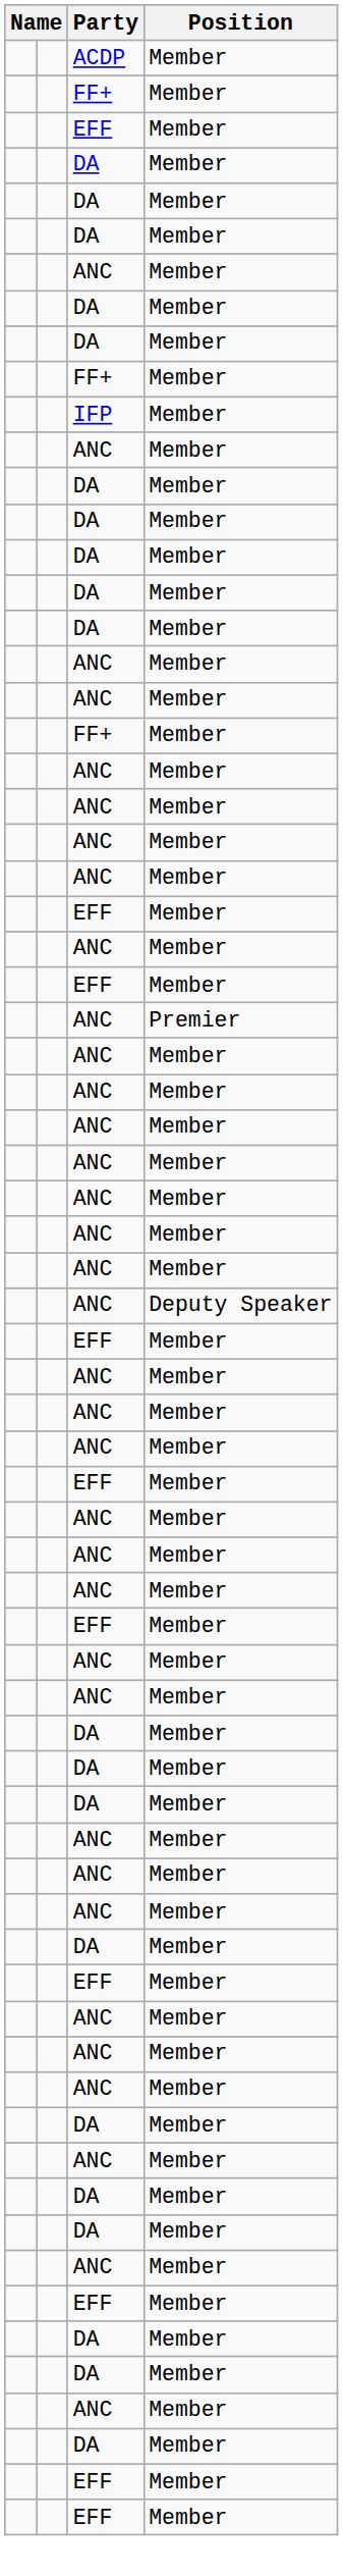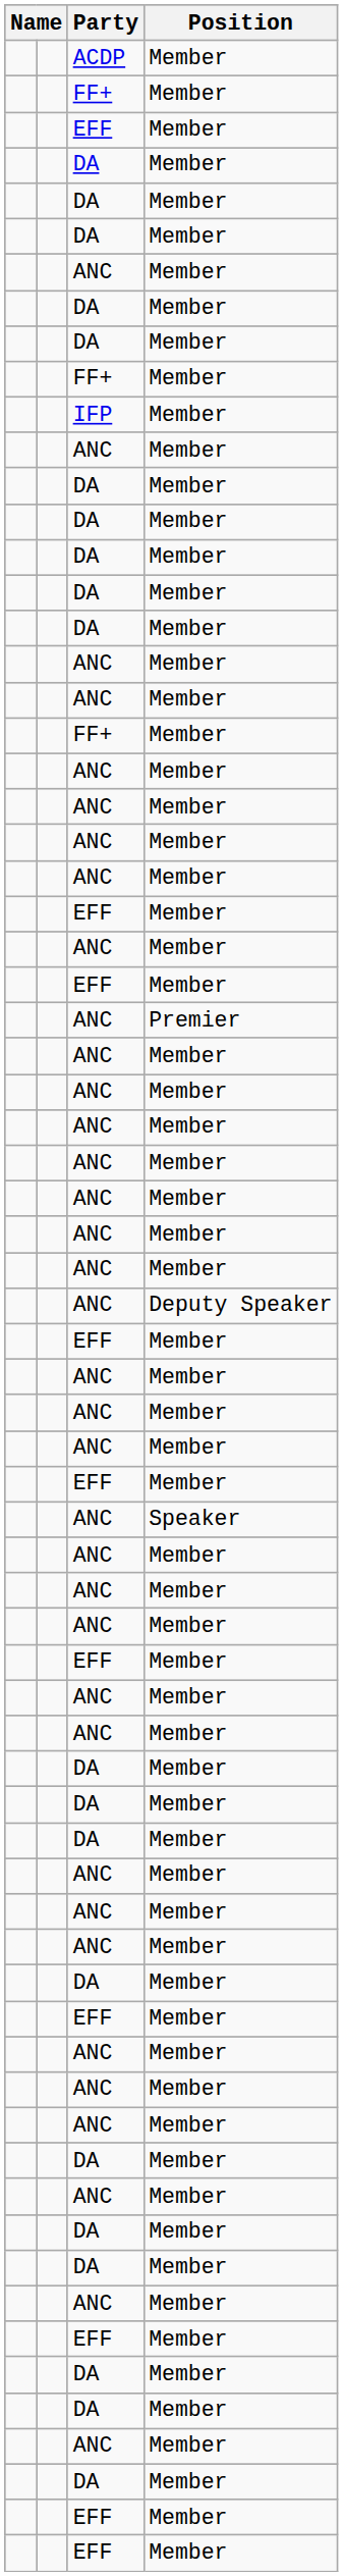 <table class="wikitable sortable">
 <tr>
 <th colspan=2>Name</th>
 <th>Party</th>
 <th>Position</th>
 </tr>
 <tr>
 <td style="background-color: "></td>
 <td></td>
 <td><a href='#'>ACDP</a></td>
 <td>Member</td>
 </tr>
 <tr>
 <td style="background-color: "></td>
 <td></td>
 <td><a href='#'>FF+</a></td>
 <td>Member</td>
 </tr>
 <tr>
 <td style="background-color: "></td>
 <td></td>
 <td><a href='#'>EFF</a></td>
 <td>Member</td>
 </tr>
 <tr>
 <td style="background-color: "></td>
 <td></td>
 <td><a href='#'>DA</a></td>
 <td>Member</td>
 </tr>
 <tr>
 <td style="background-color: "></td>
 <td></td>
 <td>DA</td>
 <td>Member</td>
 </tr>
 <tr>
 <td style="background-color: "></td>
 <td></td>
 <td>DA</td>
 <td>Member</td>
 </tr>
 <tr>
 <td style="background-color: "></td>
 <td></td>
 <td>ANC</td>
 <td>Member</td>
 </tr>
 <tr>
 <td style="background-color: "></td>
 <td></td>
 <td>DA</td>
 <td>Member</td>
 </tr>
 <tr>
 <td style="background-color: "></td>
 <td></td>
 <td>DA</td>
 <td>Member</td>
 </tr>
 <tr>
 <td style="background-color: "></td>
 <td></td>
 <td>FF+</td>
 <td>Member</td>
 </tr>
 <tr>
 <td style="background-color: "></td>
 <td></td>
 <td><a href='#'>IFP</a></td>
 <td>Member</td>
 </tr>
 <tr>
 <td style="background-color: "></td>
 <td></td>
 <td>ANC</td>
 <td>Member</td>
 </tr>
 <tr>
 <td style="background-color: "></td>
 <td></td>
 <td>DA</td>
 <td>Member</td>
 </tr>
 <tr>
 <td style="background-color: "></td>
 <td></td>
 <td>DA</td>
 <td>Member</td>
 </tr>
 <tr>
 <td style="background-color: "></td>
 <td></td>
 <td>DA</td>
 <td>Member</td>
 </tr>
 <tr>
 <td style="background-color: "></td>
 <td></td>
 <td>DA</td>
 <td>Member</td>
 </tr>
 <tr>
 <td style="background-color: "></td>
 <td></td>
 <td>DA</td>
 <td>Member</td>
 </tr>
 <tr>
 <td style="background-color: "></td>
 <td></td>
 <td>ANC</td>
 <td>Member</td>
 </tr>
 <tr>
 <td style="background-color: "></td>
 <td></td>
 <td>ANC</td>
 <td>Member</td>
 </tr>
 <tr>
 <td style="background-color: "></td>
 <td></td>
 <td>FF+</td>
 <td>Member</td>
 </tr>
 <tr>
 <td style="background-color: "></td>
 <td></td>
 <td>ANC</td>
 <td>Member</td>
 </tr>
 <tr>
 <td style="background-color: "></td>
 <td></td>
 <td>ANC</td>
 <td>Member</td>
 </tr>
 <tr>
 <td style="background-color: "></td>
 <td></td>
 <td>ANC</td>
 <td>Member</td>
 </tr>
 <tr>
 <td style="background-color: "></td>
 <td></td>
 <td>ANC</td>
 <td>Member</td>
 </tr>
 <tr>
 <td style="background-color: "></td>
 <td></td>
 <td>EFF</td>
 <td>Member</td>
 </tr>
 <tr>
 <td style="background-color: "></td>
 <td></td>
 <td>ANC</td>
 <td>Member</td>
 </tr>
 <tr>
 <td style="background-color: "></td>
 <td></td>
 <td>EFF</td>
 <td>Member</td>
 </tr>
 <tr>
 <td style="background-color: "></td>
 <td></td>
 <td>ANC</td>
 <td>Premier</td>
 </tr>
 <tr>
 <td style="background-color: "></td>
 <td></td>
 <td>ANC</td>
 <td>Member</td>
 </tr>
 <tr>
 <td style="background-color: "></td>
 <td></td>
 <td>ANC</td>
 <td>Member</td>
 </tr>
 <tr>
 <td style="background-color: "></td>
 <td></td>
 <td>ANC</td>
 <td>Member</td>
 </tr>
 <tr>
 <td style="background-color: "></td>
 <td></td>
 <td>ANC</td>
 <td>Member</td>
 </tr>
 <tr>
 <td style="background-color: "></td>
 <td></td>
 <td>ANC</td>
 <td>Member</td>
 </tr>
 <tr>
 <td style="background-color: "></td>
 <td></td>
 <td>ANC</td>
 <td>Member</td>
 </tr>
 <tr>
 <td style="background-color: "></td>
 <td></td>
 <td>ANC</td>
 <td>Member</td>
 </tr>
 <tr>
 <td style="background-color: "></td>
 <td></td>
 <td>ANC</td>
 <td>Deputy Speaker</td>
 </tr>
 <tr>
 <td style="background-color: "></td>
 <td></td>
 <td>EFF</td>
 <td>Member</td>
 </tr>
 <tr>
 <td style="background-color: "></td>
 <td></td>
 <td>ANC</td>
 <td>Member</td>
 </tr>
 <tr>
 <td style="background-color: "></td>
 <td></td>
 <td>ANC</td>
 <td>Member</td>
 </tr>
 <tr>
 <td style="background-color: "></td>
 <td></td>
 <td>ANC</td>
 <td>Member</td>
 </tr>
 <tr>
 <td style="background-color: "></td>
 <td></td>
 <td>EFF</td>
 <td>Member</td>
 </tr>
 <tr>
 <td style="background-color: "></td>
 <td></td>
 <td>ANC</td>
+<td>Speaker</td>
+</tr>
+<tr>
+<td style="background-color: "></td>
+<td></td>
+<td>ANC</td>
 <td>Member</td>
 </tr>
 <tr>
 <td style="background-color: "></td>
 <td></td>
 <td>ANC</td>
 <td>Member</td>
 </tr>
 <tr>
 <td style="background-color: "></td>
 <td></td>
 <td>ANC</td>
 <td>Member</td>
 </tr>
 <tr>
 <td style="background-color: "></td>
 <td></td>
 <td>EFF</td>
 <td>Member</td>
 </tr>
 <tr>
 <td style="background-color: "></td>
 <td></td>
 <td>ANC</td>
 <td>Member</td>
 </tr>
 <tr>
 <td style="background-color: "></td>
 <td></td>
 <td>ANC</td>
 <td>Member</td>
 </tr>
 <tr>
 <td style="background-color: "></td>
 <td></td>
 <td>DA</td>
 <td>Member</td>
 </tr>
 <tr>
 <td style="background-color: "></td>
 <td></td>
 <td>DA</td>
 <td>Member</td>
 </tr>
 <tr>
 <td style="background-color: "></td>
 <td></td>
 <td>DA</td>
 <td>Member</td>
 </tr>
 <tr>
 <td style="background-color: "></td>
 <td></td>
 <td>ANC</td>
 <td>Member</td>
 </tr>
 <tr>
 <td style="background-color: "></td>
 <td></td>
 <td>ANC</td>
 <td>Member</td>
 </tr>
 <tr>
 <td style="background-color: "></td>
 <td></td>
 <td>ANC</td>
 <td>Member</td>
 </tr>
 <tr>
 <td style="background-color: "></td>
 <td></td>
 <td>DA</td>
 <td>Member</td>
 </tr>
 <tr>
 <td style="background-color: "></td>
 <td></td>
 <td>EFF</td>
 <td>Member</td>
 </tr>
 <tr>
 <td style="background-color: "></td>
 <td></td>
 <td>ANC</td>
 <td>Member</td>
 </tr>
 <tr>
 <td style="background-color: "></td>
 <td></td>
 <td>ANC</td>
 <td>Member</td>
 </tr>
 <tr>
 <td style="background-color: "></td>
 <td></td>
 <td>ANC</td>
 <td>Member</td>
 </tr>
 <tr>
 <td style="background-color: "></td>
 <td></td>
 <td>DA</td>
 <td>Member</td>
 </tr>
 <tr>
 <td style="background-color: "></td>
 <td></td>
 <td>ANC</td>
 <td>Member</td>
 </tr>
 <tr>
 <td style="background-color: "></td>
 <td></td>
 <td>DA</td>
 <td>Member</td>
 </tr>
 <tr>
 <td style="background-color: "></td>
 <td></td>
 <td>DA</td>
 <td>Member</td>
 </tr>
 <tr>
 <td style="background-color: "></td>
 <td></td>
 <td>ANC</td>
 <td>Member</td>
 </tr>
 <tr>
 <td style="background-color: "></td>
 <td></td>
 <td>EFF</td>
 <td>Member</td>
 </tr>
 <tr>
 <td style="background-color: "></td>
 <td></td>
 <td>DA</td>
 <td>Member</td>
 </tr>
 <tr>
 <td style="background-color: "></td>
 <td></td>
 <td>DA</td>
 <td>Member</td>
 </tr>
 <tr>
 <td style="background-color: "></td>
 <td></td>
 <td>ANC</td>
 <td>Member</td>
 </tr>
 <tr>
 <td style="background-color: "></td>
 <td></td>
 <td>DA</td>
 <td>Member</td>
 </tr>
 <tr>
 <td style="background-color: "></td>
 <td></td>
 <td>EFF</td>
 <td>Member</td>
 </tr>
 <tr>
 <td style="background-color: "></td>
 <td></td>
 <td>EFF</td>
 <td>Member</td>
 </tr>
 </table>
